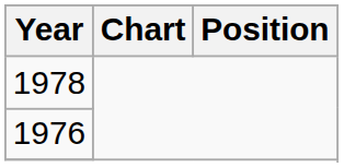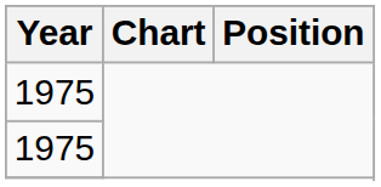 <table class="wikitable">
 <tr>
 <th>Year</th>
 <th>Chart</th>
 <th>Position</th>
 </tr>
 <tr>
-<td>1978<br></td>
+<td>1975<br></td>
 </tr>
 <tr>
-<td>1976<br></td>
+<td>1975<br></td>
 </tr>
 <tr>
 </tr>
 </table>
